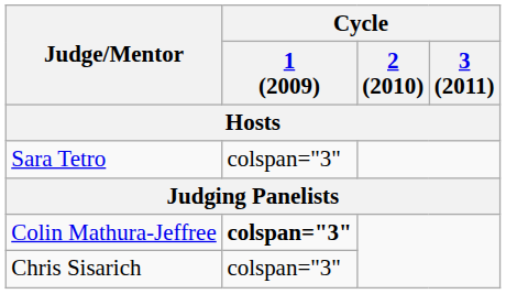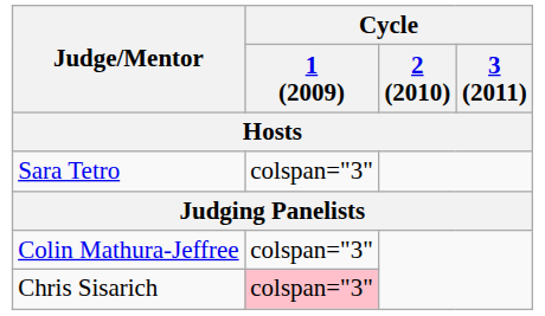 <table class="wikitable" style="margin:1em auto 1em auto;">
 <tr>
 <th rowspan="2">Judge/Mentor</th>
 <th colspan="3">Cycle</th>
 </tr>
 <tr>
 <th><a href='#'>1</a><br> (2009)</th>
 <th><a href='#'>2</a><br> (2010)</th>
 <th><a href='#'>3</a><br> (2011)</th>
 </tr>
 <tr>
 <th scope="col" colspan="4">Hosts</th>
 </tr>
 <tr>
 <td scope="row"><a href='#'>Sara Tetro</a></td>
 <td>colspan="3" </td>
 </tr>
 <tr>
 <th scope="col" colspan="4">Judging Panelists</th>
 </tr>
 <tr>
 <td scope="row"><a href='#'>Colin Mathura-Jeffree</a></td>
-<td><strong>colspan="3" </strong></td>
+<td>colspan="3" </td>
 </tr>
 <tr>
 <td scope="row">Chris Sisarich</td>
-<td>colspan="3" </td>
+<td style="background: pink;">colspan="3" </td>
 </tr>
 </table>
